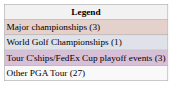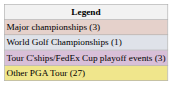 <table class="wikitable" style="font-size:95%;">
 <tr>
 <th>Legend</th>
 </tr>
 <tr style="background:#e5d1cb;">
 <td>Major championships (3)</td>
 </tr>
 <tr style="background:#dfe2e9;">
 <td>World Golf Championships (1)</td>
 </tr>
 <tr style="background:thistle;">
 <td>Tour C'ships/FedEx Cup playoff events (3)</td>
 </tr>
 <tr>
-<td>Other PGA Tour (27)</td>
+<td style="background: khaki;">Other PGA Tour (27)</td>
 </tr>
 </table>
